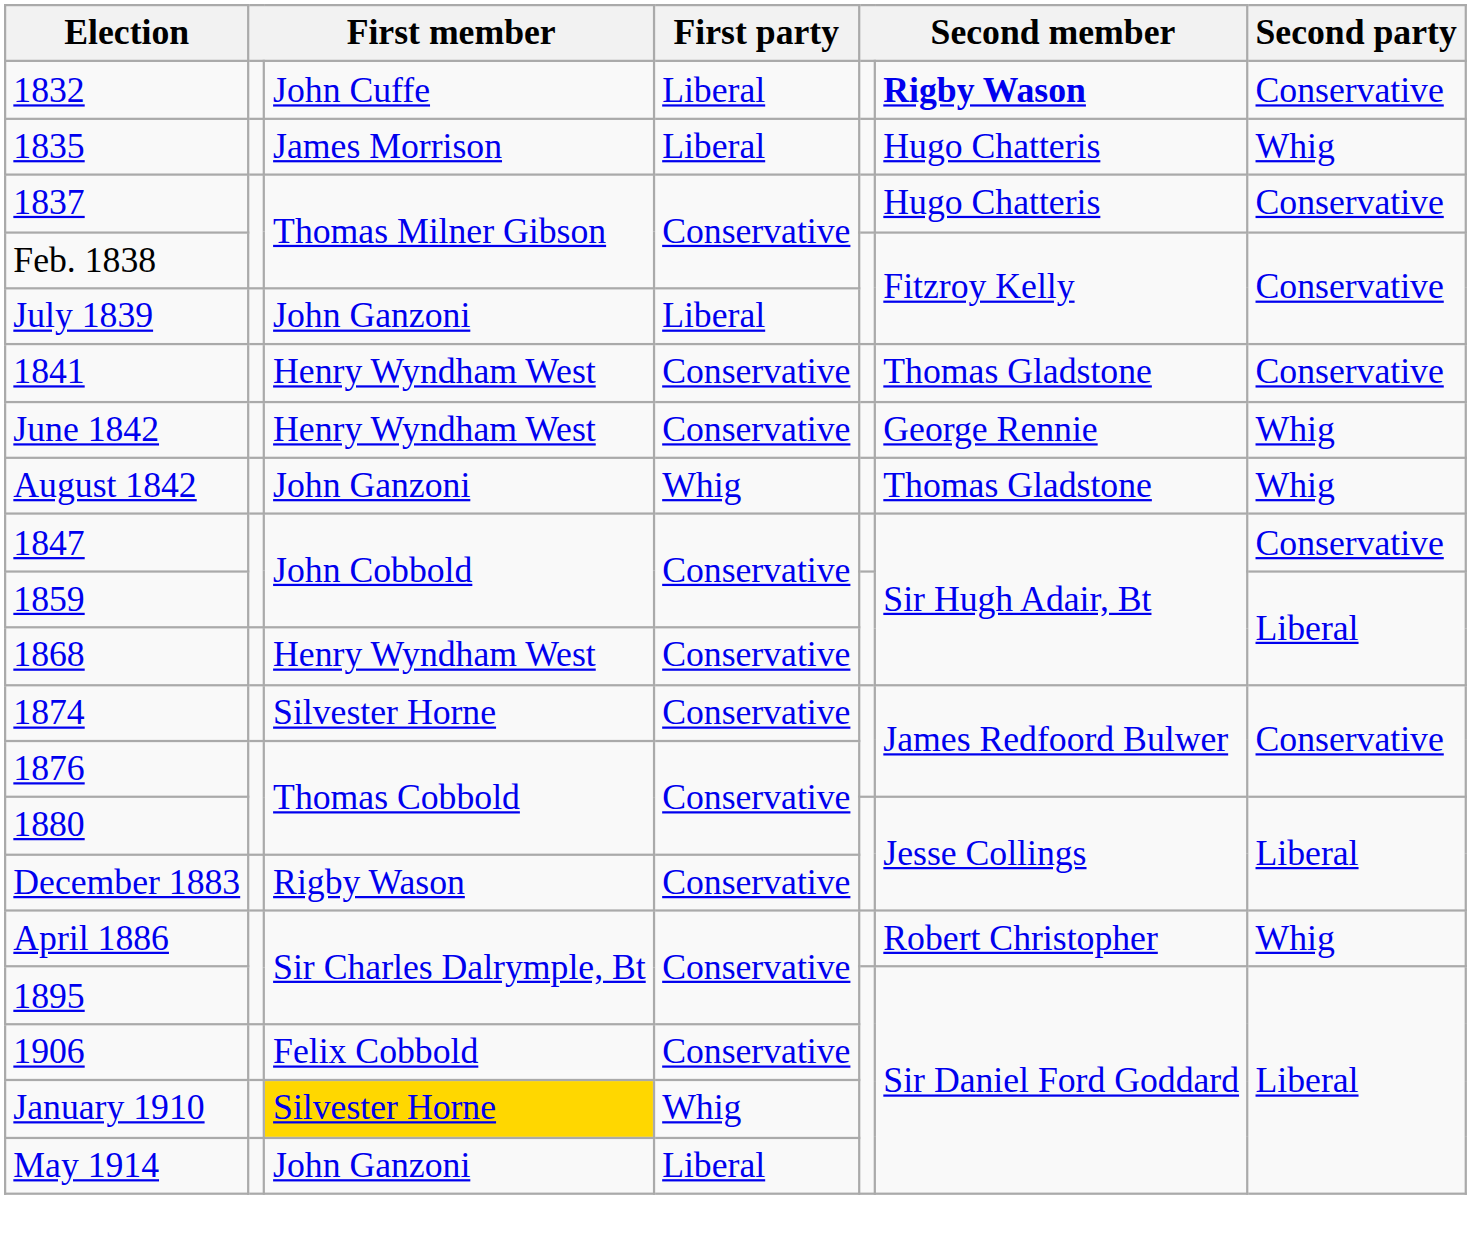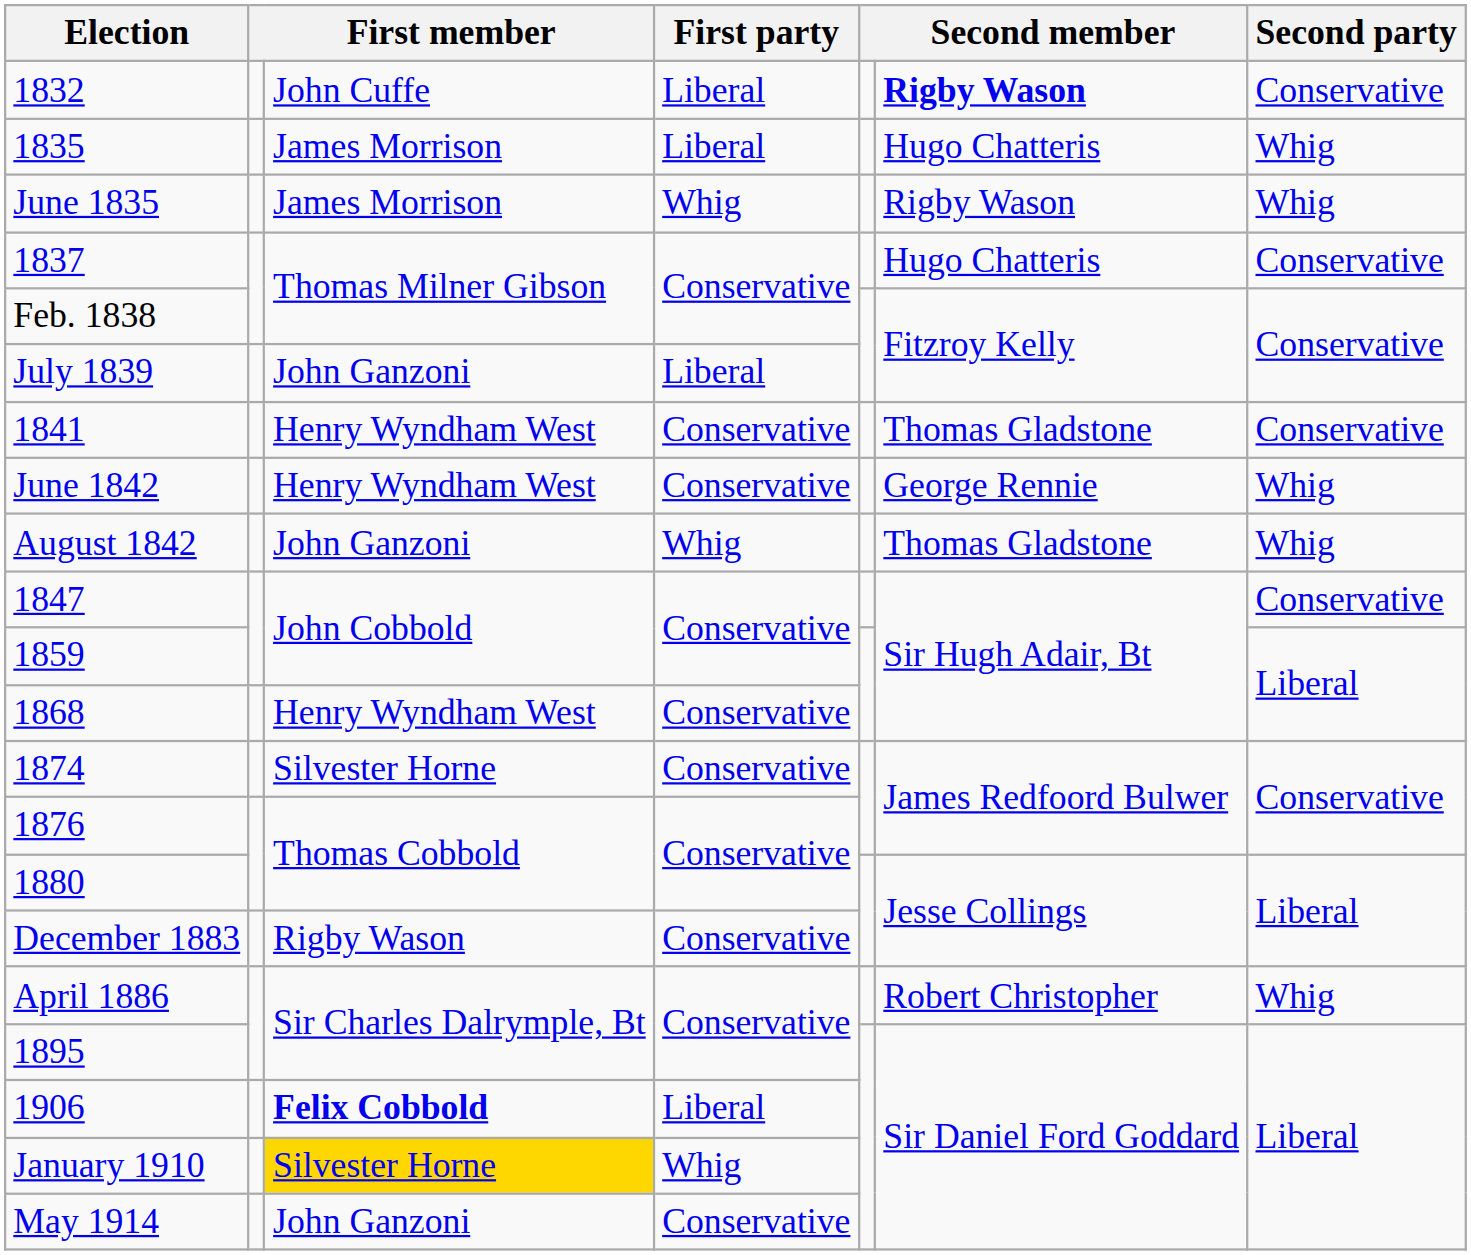 <table class="wikitable">
 <tr>
 <th>Election</th>
 <th colspan="2">First member</th>
 <th>First party</th>
 <th colspan="2">Second member</th>
 <th>Second party</th>
 </tr>
 <tr>
 <td><a href='#'>1832</a></td>
 <td style="color:inherit;background-color: "></td>
 <td><a href='#'>John Cuffe</a>	</td>
 <td><a href='#'>Liberal</a></td>
 <td style="color:inherit;background-color: "></td>
 <td><strong><a href='#'>Rigby Wason</a>	</strong></td>
 <td><a href='#'>Conservative</a></td>
 </tr>
 <tr>
 <td><a href='#'>1835</a></td>
 <td style="color:inherit;background-color: "></td>
 <td><a href='#'>James Morrison</a>	</td>
 <td><a href='#'>Liberal</a></td>
 <td style="color:inherit;background-color: "></td>
 <td><a href='#'>Hugo Chatteris</a>	</td>
+<td><a href='#'>Whig</a></td>
+</tr>
+<tr>
+<td><a href='#'>June 1835</a></td>
+<td style="color:inherit;background-color: "></td>
+<td><a href='#'>James Morrison</a>	</td>
+<td><a href='#'>Whig</a></td>
+<td style="color:inherit;background-color: "></td>
+<td><a href='#'>Rigby Wason</a>	</td>
 <td><a href='#'>Whig</a></td>
 </tr>
 <tr>
 <td><a href='#'>1837</a></td>
 <td rowspan="2" style="color:inherit;background-color: "></td>
 <td rowspan="2"><a href='#'>Thomas Milner Gibson</a>	</td>
 <td rowspan="2"><a href='#'>Conservative</a></td>
 <td style="color:inherit;background-color: "></td>
 <td><a href='#'>Hugo Chatteris</a>	</td>
 <td><a href='#'>Conservative</a></td>
 </tr>
 <tr>
 <td>Feb. 1838</td>
 <td rowspan="2" style="color:inherit;background-color: "></td>
 <td rowspan="2"><a href='#'>Fitzroy Kelly</a>	</td>
 <td rowspan="2"><a href='#'>Conservative</a></td>
 </tr>
 <tr>
 <td><a href='#'>July 1839</a></td>
 <td style="color:inherit;background-color: "></td>
 <td><a href='#'>John Ganzoni</a></td>
 <td><a href='#'>Liberal</a></td>
 </tr>
 <tr>
 <td><a href='#'>1841</a></td>
 <td style="color:inherit;background-color: "></td>
 <td><a href='#'>Henry Wyndham West</a>	</td>
 <td><a href='#'>Conservative</a></td>
 <td style="color:inherit;background-color: "></td>
 <td><a href='#'>Thomas Gladstone</a>	</td>
 <td><a href='#'>Conservative</a></td>
 </tr>
 <tr>
 <td><a href='#'>June 1842</a></td>
 <td style="color:inherit;background-color: "></td>
 <td><a href='#'>Henry Wyndham West</a>	</td>
 <td><a href='#'>Conservative</a></td>
 <td style="color:inherit;background-color: "></td>
 <td><a href='#'>George Rennie</a>	</td>
 <td><a href='#'>Whig</a></td>
 </tr>
 <tr>
 <td><a href='#'>August 1842</a></td>
 <td style="color:inherit;background-color: "></td>
 <td><a href='#'>John Ganzoni</a></td>
 <td><a href='#'>Whig</a></td>
 <td style="color:inherit;background-color: "></td>
 <td><a href='#'>Thomas Gladstone</a>	</td>
 <td><a href='#'>Whig</a></td>
 </tr>
 <tr>
 <td><a href='#'>1847</a></td>
 <td rowspan="2" style="color:inherit;background-color: "></td>
 <td rowspan="2"><a href='#'>John Cobbold</a>	</td>
 <td rowspan="2"><a href='#'>Conservative</a></td>
 <td style="color:inherit;background-color: "></td>
 <td rowspan="3"><a href='#'>Sir Hugh Adair, Bt</a>	</td>
 <td><a href='#'>Conservative</a></td>
 </tr>
 <tr>
 <td><a href='#'>1859</a></td>
 <td rowspan="2" style="color:inherit;background-color: "></td>
 <td rowspan="2"><a href='#'>Liberal</a></td>
 </tr>
 <tr>
 <td><a href='#'>1868</a></td>
 <td style="color:inherit;background-color: "></td>
 <td><a href='#'>Henry Wyndham West</a>	</td>
 <td><a href='#'>Conservative</a></td>
 </tr>
 <tr>
 <td><a href='#'>1874</a></td>
 <td style="color:inherit;background-color: "></td>
 <td><a href='#'>Silvester Horne</a>	</td>
 <td><a href='#'>Conservative</a></td>
 <td rowspan="2" style="color:inherit;background-color: "></td>
 <td rowspan="2"><a href='#'>James Redfoord Bulwer</a>	</td>
 <td rowspan="2"><a href='#'>Conservative</a></td>
 </tr>
 <tr>
 <td><a href='#'>1876</a></td>
 <td rowspan="2" style="color:inherit;background-color: "></td>
 <td rowspan="2"><a href='#'>Thomas Cobbold</a>	</td>
 <td rowspan="2"><a href='#'>Conservative</a></td>
 </tr>
 <tr>
 <td><a href='#'>1880</a></td>
 <td rowspan="2" style="color:inherit;background-color: "></td>
 <td rowspan="2"><a href='#'>Jesse Collings</a>	</td>
 <td rowspan="2"><a href='#'>Liberal</a></td>
 </tr>
 <tr>
 <td><a href='#'>December 1883</a></td>
 <td style="color:inherit;background-color: "></td>
 <td><a href='#'>Rigby Wason</a>	</td>
 <td><a href='#'>Conservative</a></td>
 </tr>
 <tr>
 <td><a href='#'>April 1886</a></td>
 <td rowspan="2" style="color:inherit;background-color: "></td>
 <td rowspan="2"><a href='#'>Sir Charles Dalrymple, Bt</a>	</td>
 <td rowspan="2"><a href='#'>Conservative</a></td>
 <td style="color:inherit;background-color: "></td>
 <td><a href='#'>Robert Christopher</a>	</td>
 <td><a href='#'>Whig</a></td>
 </tr>
 <tr>
 <td><a href='#'>1895</a></td>
 <td rowspan="4" style="color:inherit;background-color: "></td>
 <td rowspan="4"><a href='#'>Sir Daniel Ford Goddard</a>	</td>
 <td rowspan="4"><a href='#'>Liberal</a></td>
 </tr>
 <tr>
 <td><a href='#'>1906</a></td>
 <td style="color:inherit;background-color: "></td>
-<td><a href='#'>Felix Cobbold</a>	</td>
-<td><a href='#'>Conservative</a></td>
+<td><strong><a href='#'>Felix Cobbold</a>	</strong></td>
+<td><a href='#'>Liberal</a></td>
 </tr>
 <tr>
 <td><a href='#'>January 1910</a></td>
 <td style="color:inherit;background-color: "></td>
 <td style="background: gold;"><a href='#'>Silvester Horne</a>	</td>
 <td><a href='#'>Whig</a></td>
 </tr>
 <tr>
 <td><a href='#'>May 1914</a></td>
 <td style="color:inherit;background-color: "></td>
 <td><a href='#'>John Ganzoni</a></td>
-<td><a href='#'>Liberal</a></td>
+<td><a href='#'>Conservative</a></td>
 </tr>
 </table>
